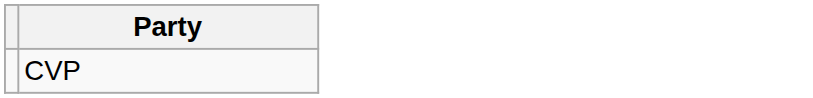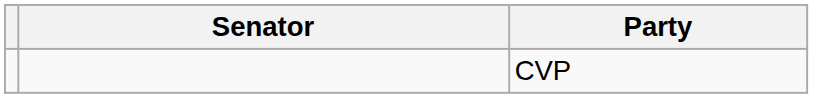 <table class="sortable wikitable" style="text-align:left; font-size:90%;">
 <tr>
 <th></th>
+<th width="250">Senator</th>
 <th width="150">Party</th>
 </tr>
 <tr>
 <td></td>
+<td></td>
 <td>CVP</td>
 </tr>
 </table>
